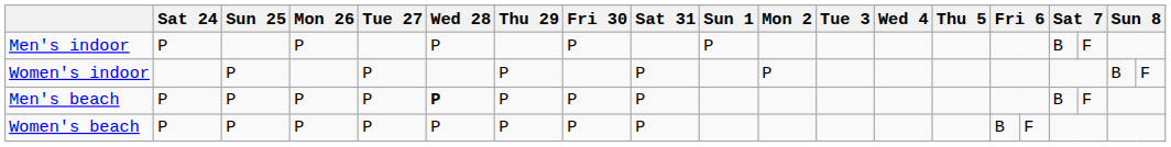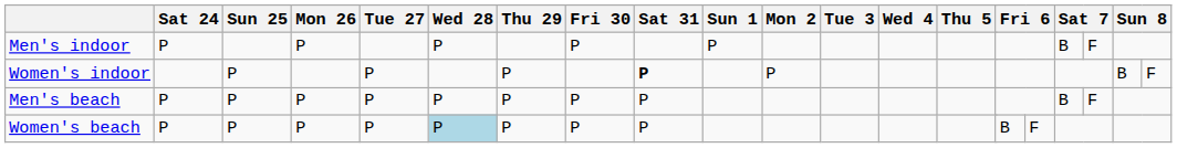 <table class="wikitable olympic-schedule volleyball">
 <tr>
 <th></th>
 <th>Sat 24</th>
 <th>Sun 25</th>
 <th>Mon 26</th>
 <th>Tue 27</th>
 <th>Wed 28</th>
 <th>Thu 29</th>
 <th>Fri 30</th>
 <th>Sat 31</th>
 <th>Sun 1</th>
 <th>Mon 2</th>
 <th>Tue 3</th>
 <th>Wed 4</th>
 <th colspan="2">Thu 5</th>
 <th colspan=2>Fri 6</th>
 <th colspan="2">Sat 7</th>
 <th colspan="2">Sun 8</th>
 </tr>
 <tr>
 <td class="event"><a href='#'>Men's indoor</a></td>
 <td class="prelims">P</td>
 <td></td>
 <td class="prelims">P</td>
 <td></td>
 <td class="prelims">P</td>
 <td></td>
 <td class="prelims">P</td>
 <td></td>
 <td class="prelims">P</td>
 <td></td>
 <td class="quarterfinals"></td>
 <td></td>
 <td colspan="2" class="semifinals"></td>
 <td colspan=2></td>
 <td class="bronze-medal">B</td>
 <td class="final">F</td>
 <td colspan=2></td>
 </tr>
 <tr>
 <td class="event"><a href='#'>Women's indoor</a></td>
 <td></td>
 <td class="prelims">P</td>
 <td></td>
 <td class="prelims">P</td>
 <td></td>
 <td class="prelims">P</td>
 <td></td>
-<td class="prelims">P</td>
+<td class="prelims"><strong>P</strong></td>
 <td></td>
 <td class="prelims">P</td>
 <td></td>
 <td class="quarterfinals"></td>
 <td colspan="2"></td>
 <td colspan="2" class="semifinals"></td>
 <td colspan=2></td>
 <td class="bronze-medal">B</td>
 <td class="final">F</td>
 </tr>
 <tr>
 <td class="event"><a href='#'>Men's beach</a></td>
 <td class="prelims">P</td>
 <td class="prelims">P</td>
 <td class="prelims">P</td>
 <td class="prelims">P</td>
-<td class="prelims"><strong>P</strong></td>
+<td class="prelims">P</td>
 <td class="prelims">P</td>
 <td class="prelims">P</td>
 <td class="prelims">P</td>
 <td class="round-of-16"></td>
 <td class="round-of-16"></td>
 <td></td>
 <td class="quarterfinals"></td>
 <td class="semifinals" colspan="2"></td>
 <td colspan="2"></td>
 <td class="bronze-medal">B</td>
 <td class="final">F</td>
 <td colspan="2"></td>
 </tr>
 <tr>
 <td class="event"><a href='#'>Women's beach</a></td>
 <td class="prelims">P</td>
 <td class="prelims">P</td>
 <td class="prelims">P</td>
 <td class="prelims">P</td>
-<td class="prelims">P</td>
+<td class="prelims" style="background: lightblue;">P</td>
 <td class="prelims">P</td>
 <td class="prelims">P</td>
 <td class="prelims">P</td>
 <td class="round-of-16"></td>
 <td class="round-of-16"></td>
 <td class="quarterfinals"></td>
 <td></td>
 <td class="semifinals" colspan="2"></td>
 <td class="bronze-medal">B</td>
 <td class="final">F</td>
 <td colspan="2"></td>
 <td colspan="2"></td>
 </tr>
 </table>
